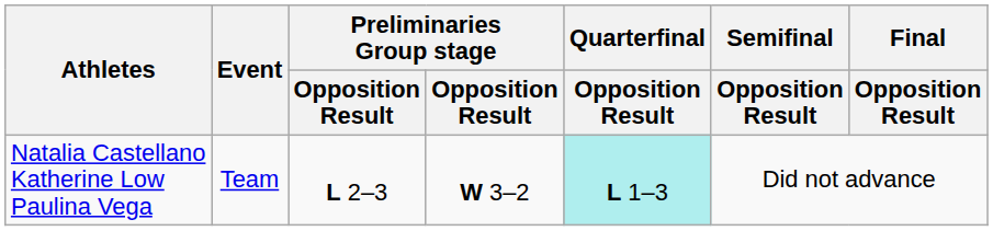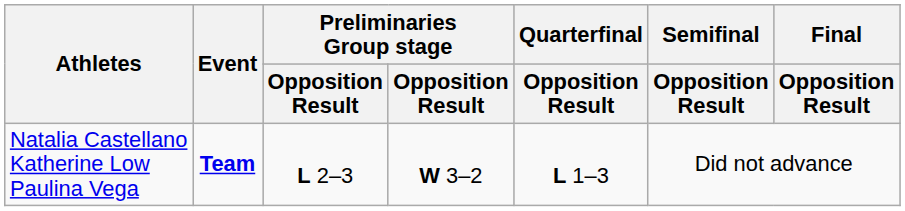 <table class="wikitable" border="1" style="font-size:90%">
 <tr>
 <th rowspan=2>Athletes</th>
 <th rowspan=2>Event</th>
 <th colspan=2>Preliminaries<br>Group stage</th>
 <th>Quarterfinal</th>
 <th>Semifinal</th>
 <th>Final</th>
 </tr>
 <tr>
 <th>Opposition<br>Result</th>
 <th>Opposition<br>Result</th>
 <th>Opposition<br>Result</th>
 <th>Opposition<br>Result</th>
 <th>Opposition<br>Result</th>
 </tr>
 <tr>
 <td><a href='#'>Natalia Castellano</a><br><a href='#'>Katherine Low</a><br><a href='#'>Paulina Vega</a></td>
-<td align=center><a href='#'>Team</a></td>
+<td align=center><strong><a href='#'>Team</a></strong></td>
 <td align=center><br><strong>L</strong> 2–3</td>
 <td align=center><br><strong>W</strong> 3–2</td>
-<td align=center style="background: paleturquoise;"><br><strong>L</strong> 1–3</td>
+<td align=center><br><strong>L</strong> 1–3</td>
 <td align=center colspan=2>Did not advance</td>
 </tr>
 </table>
